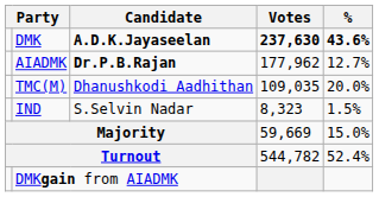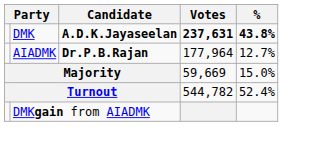 <table class="wikitable">
 <tr>
 <th colspan="2">Party</th>
 <th>Candidate</th>
 <th>Votes</th>
 <th>%</th>
 </tr>
 <tr>
 <td></td>
 <td><a href='#'>DMK</a></td>
 <td><strong>A.D.K.Jayaseelan</strong></td>
-<td><strong>237,630</strong></td>
-<td><strong>43.6%</strong></td>
+<td><strong>237,631</strong></td>
+<td><strong>43.8%</strong></td>
 </tr>
 <tr>
 <td></td>
 <td><a href='#'>AIADMK</a></td>
 <td><strong>Dr.P.B.Rajan</strong></td>
-<td>177,962</td>
+<td>177,964</td>
 <td>12.7%</td>
-</tr>
-<tr>
-<td></td>
-<td><a href='#'>TMC(M)</a></td>
-<td><a href='#'>Dhanushkodi Aadhithan</a></td>
-<td>109,035</td>
-<td>20.0%</td>
-</tr>
-<tr>
-<td></td>
-<td><a href='#'>IND</a></td>
-<td>S.Selvin Nadar</td>
-<td>8,323</td>
-<td>1.5%</td>
 </tr>
 <tr>
 <th colspan="3">Majority</th>
 <td>59,669</td>
 <td>15.0%</td>
 </tr>
 <tr>
 <th colspan="3"><a href='#'>Turnout</a></th>
 <td>544,782</td>
 <td>52.4%</td>
 </tr>
 <tr>
 <td></td>
 <td colspan="2"><a href='#'>DMK</a><strong>gain</strong> from <a href='#'>AIADMK</a></td>
 <th></th>
 <td></td>
 </tr>
 </table>
